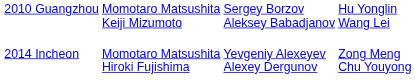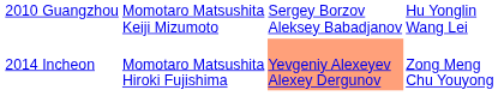 <table>
 <tr>
 <td><a href='#'>2010 Guangzhou</a></td>
 <td><br><a href='#'>Momotaro Matsushita</a><br><a href='#'>Keiji Mizumoto</a></td>
 <td><br><a href='#'>Sergey Borzov</a><br><a href='#'>Aleksey Babadjanov</a></td>
 <td><br><a href='#'>Hu Yonglin</a><br><a href='#'>Wang Lei</a></td>
 </tr>
 <tr>
 <td><a href='#'>2014 Incheon</a></td>
 <td><br><a href='#'>Momotaro Matsushita</a><br><a href='#'>Hiroki Fujishima</a></td>
-<td><br><a href='#'>Yevgeniy Alexeyev</a><br><a href='#'>Alexey Dergunov</a></td>
+<td style="background: lightsalmon;"><br><a href='#'>Yevgeniy Alexeyev</a><br><a href='#'>Alexey Dergunov</a></td>
 <td><br><a href='#'>Zong Meng</a><br><a href='#'>Chu Youyong</a></td>
 </tr>
 </table>
